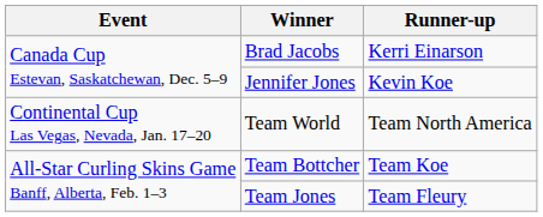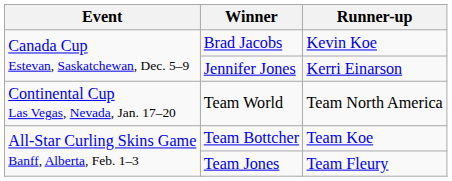 <table class="wikitable">
 <tr>
 <th>Event</th>
 <th>Winner</th>
 <th>Runner-up</th>
 </tr>
 <tr>
 <td rowspan=2><a href='#'>Canada Cup</a> <br> <small><a href='#'>Estevan</a>,  <a href='#'>Saskatchewan</a>, Dec. 5–9</small></td>
 <td> <a href='#'>Brad Jacobs</a></td>
-<td> <a href='#'>Kerri Einarson</a></td>
+<td> <a href='#'>Kevin Koe</a></td>
 </tr>
 <tr>
 <td> <a href='#'>Jennifer Jones</a></td>
-<td> <a href='#'>Kevin Koe</a></td>
+<td> <a href='#'>Kerri Einarson</a></td>
 </tr>
 <tr>
 <td><a href='#'>Continental Cup</a> <br> <small><a href='#'>Las Vegas</a>, <a href='#'>Nevada</a>, Jan. 17–20</small></td>
 <td> Team World</td>
 <td colspan=2> Team North America</td>
 </tr>
 <tr>
 <td rowspan=2><a href='#'>All-Star Curling Skins Game</a> <br> <small><a href='#'>Banff</a>, <a href='#'>Alberta</a>, Feb. 1–3</small></td>
 <td><a href='#'>Team Bottcher</a></td>
 <td><a href='#'>Team Koe</a></td>
 </tr>
 <tr>
 <td><a href='#'>Team Jones</a></td>
 <td><a href='#'>Team Fleury</a></td>
 </tr>
 </table>
